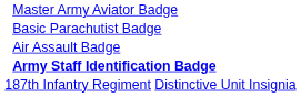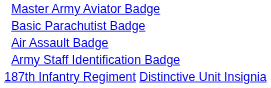 <table>
 <tr>
 <td>  <a href='#'>Master Army Aviator Badge</a></td>
 </tr>
 <tr>
 <td>  <a href='#'>Basic Parachutist Badge</a></td>
 </tr>
 <tr>
 <td>  <a href='#'>Air Assault Badge</a></td>
 </tr>
 <tr>
-<td><strong>  <a href='#'>Army Staff Identification Badge</a></strong></td>
+<td>  <a href='#'>Army Staff Identification Badge</a></td>
 </tr>
 <tr>
 <td> <a href='#'>187th Infantry Regiment</a> <a href='#'>Distinctive Unit Insignia</a></td>
 </tr>
 </table>
